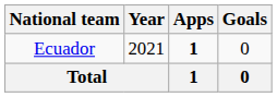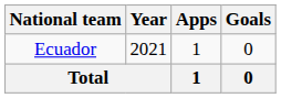 <table class="wikitable" style="text-align:center">
 <tr>
 <th>National team</th>
 <th>Year</th>
 <th>Apps</th>
 <th>Goals</th>
 </tr>
 <tr>
 <td rowspan="1"><a href='#'>Ecuador</a></td>
 <td>2021</td>
-<td><strong>1</strong></td>
+<td>1</td>
 <td>0</td>
 </tr>
 <tr>
 <th colspan=2>Total</th>
 <th>1</th>
 <th>0</th>
 </tr>
 </table>
